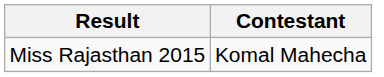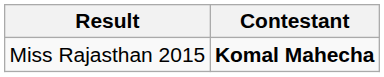 <table class="wikitable">
 <tr>
 <th>Result</th>
 <th>Contestant</th>
 </tr>
 <tr>
 <td>Miss Rajasthan 2015</td>
-<td>Komal Mahecha</td>
+<td><strong>Komal Mahecha</strong></td>
 </tr>
 </table>
